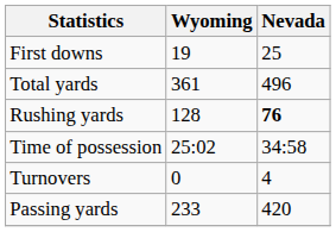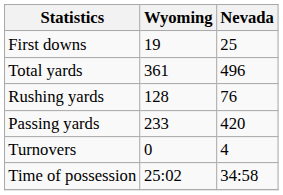 <table class="wikitable">
 <tr>
 <th>Statistics</th>
 <th>Wyoming</th>
 <th>Nevada</th>
 </tr>
 <tr>
 <td>First downs</td>
 <td>19</td>
 <td>25</td>
 </tr>
 <tr>
 <td>Total yards</td>
 <td>361</td>
 <td>496</td>
 </tr>
 <tr>
 <td>Rushing yards</td>
 <td>128</td>
-<td><strong>76</strong></td>
+<td>76</td>
+</tr>
+<tr>
+<td>Passing yards</td>
+<td>233</td>
+<td>420</td>
+</tr>
+<tr>
+<td>Turnovers</td>
+<td>0</td>
+<td>4</td>
 </tr>
 <tr>
 <td>Time of possession</td>
 <td>25:02</td>
 <td>34:58</td>
 </tr>
 <tr>
-<td>Turnovers</td>
-<td>0</td>
-<td>4</td>
-</tr>
-<tr>
-<td>Passing yards</td>
-<td>233</td>
-<td>420</td>
-</tr>
-<tr>
 </tr>
 </table>
